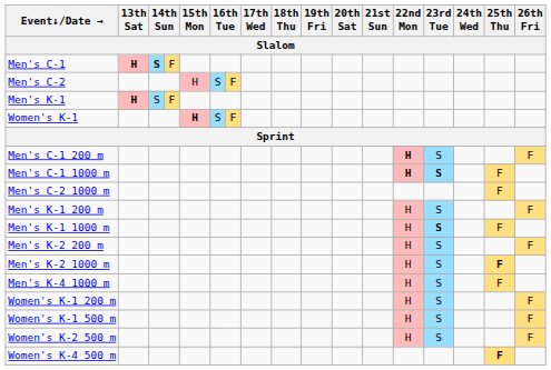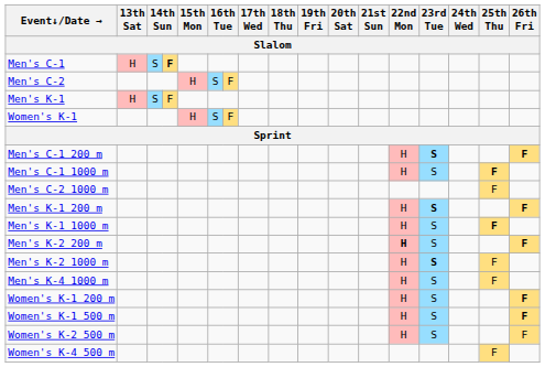 <table class="wikitable" style="margin:0.5em auto; font-size:90%; line-height:1.25em; text-align:center;">
 <tr>
 <th>Event↓/Date →</th>
 <th>13th<br>Sat</th>
 <th colspan=2>14th<br>Sun</th>
 <th>15th<br>Mon</th>
 <th colspan=2>16th<br>Tue</th>
 <th>17th<br>Wed</th>
 <th>18th<br>Thu</th>
 <th>19th<br>Fri</th>
 <th>20th<br>Sat</th>
 <th>21st<br>Sun</th>
 <th>22nd<br>Mon</th>
 <th>23rd<br>Tue</th>
 <th>24th<br>Wed</th>
 <th>25th<br>Thu</th>
 <th>26th<br>Fri</th>
 </tr>
 <tr>
 <th colspan=17>Slalom</th>
 </tr>
 <tr>
 <td align="left"><a href='#'>Men's C-1</a></td>
-<td bgcolor="#FFBBBB"><strong>H</strong></td>
-<td bgcolor="#97DEFF"><strong>S</strong></td>
-<td bgcolor="#FFDF80">F</td>
+<td bgcolor="#FFBBBB">H</td>
+<td bgcolor="#97DEFF">S</td>
+<td bgcolor="#FFDF80"><strong>F</strong></td>
 <td></td>
 <td colspan=2></td>
 <td></td>
 <td></td>
 <td></td>
 <td></td>
 <td></td>
 <td></td>
 <td></td>
 <td></td>
 <td></td>
 <td></td>
 </tr>
 <tr>
 <td align="left"><a href='#'>Men's C-2</a></td>
 <td></td>
 <td colspan=2></td>
 <td bgcolor="#FFBBBB">H</td>
 <td bgcolor="#97DEFF">S</td>
 <td bgcolor="#FFDF80">F</td>
 <td></td>
 <td></td>
 <td></td>
 <td></td>
 <td></td>
 <td></td>
 <td></td>
 <td></td>
 <td></td>
 <td></td>
 </tr>
 <tr>
 <td align="left"><a href='#'>Men's K-1</a></td>
-<td bgcolor="#FFBBBB"><strong>H</strong></td>
+<td bgcolor="#FFBBBB">H</td>
 <td bgcolor="#97DEFF">S</td>
 <td bgcolor="#FFDF80">F</td>
 <td></td>
 <td colspan=2></td>
 <td></td>
 <td></td>
 <td></td>
 <td></td>
 <td></td>
 <td></td>
 <td></td>
 <td></td>
 <td></td>
 <td></td>
 </tr>
 <tr>
 <td align="left"><a href='#'>Women's K-1</a></td>
 <td></td>
 <td colspan=2></td>
-<td bgcolor="#FFBBBB"><strong>H</strong></td>
+<td bgcolor="#FFBBBB">H</td>
 <td bgcolor="#97DEFF">S</td>
 <td bgcolor="#FFDF80">F</td>
 <td></td>
 <td></td>
 <td></td>
 <td></td>
 <td></td>
 <td></td>
 <td></td>
 <td></td>
 <td></td>
 <td></td>
 </tr>
 <tr>
 <th colspan=17>Sprint</th>
 </tr>
 <tr>
 <td align="left"><a href='#'>Men's C-1 200 m</a></td>
 <td></td>
 <td colspan=2></td>
 <td></td>
 <td colspan=2></td>
 <td></td>
 <td></td>
 <td></td>
 <td></td>
 <td></td>
-<td bgcolor="#FFBBBB"><strong>H</strong></td>
-<td bgcolor="#97DEFF">S</td>
+<td bgcolor="#FFBBBB">H</td>
+<td bgcolor="#97DEFF"><strong>S</strong></td>
 <td></td>
 <td></td>
-<td bgcolor="#FFDF80">F</td>
+<td bgcolor="#FFDF80"><strong>F</strong></td>
 </tr>
 <tr>
 <td align="left"><a href='#'>Men's C-1 1000 m</a></td>
 <td></td>
 <td colspan=2></td>
 <td></td>
 <td colspan=2></td>
 <td></td>
 <td></td>
 <td></td>
 <td></td>
 <td></td>
-<td bgcolor="#FFBBBB"><strong>H</strong></td>
-<td bgcolor="#97DEFF"><strong>S</strong></td>
+<td bgcolor="#FFBBBB">H</td>
+<td bgcolor="#97DEFF">S</td>
 <td></td>
-<td bgcolor="#FFDF80">F</td>
+<td bgcolor="#FFDF80"><strong>F</strong></td>
 <td></td>
 </tr>
 <tr>
 <td align="left"><a href='#'>Men's C-2 1000 m</a></td>
 <td></td>
 <td colspan=2></td>
 <td></td>
 <td colspan=2></td>
 <td></td>
 <td></td>
 <td></td>
 <td></td>
 <td></td>
 <td></td>
 <td></td>
 <td></td>
 <td bgcolor="#FFDF80">F</td>
 <td></td>
 </tr>
 <tr>
 <td align="left"><a href='#'>Men's K-1 200 m</a></td>
 <td></td>
 <td colspan=2></td>
 <td></td>
 <td colspan=2></td>
 <td></td>
 <td></td>
 <td></td>
 <td></td>
 <td></td>
 <td bgcolor="#FFBBBB">H</td>
-<td bgcolor="#97DEFF">S</td>
+<td bgcolor="#97DEFF"><strong>S</strong></td>
 <td></td>
 <td></td>
-<td bgcolor="#FFDF80">F</td>
+<td bgcolor="#FFDF80"><strong>F</strong></td>
 </tr>
 <tr>
 <td align="left"><a href='#'>Men's K-1 1000 m</a></td>
 <td></td>
 <td colspan=2></td>
 <td></td>
 <td colspan=2></td>
 <td></td>
 <td></td>
 <td></td>
 <td></td>
 <td></td>
 <td bgcolor="#FFBBBB">H</td>
-<td bgcolor="#97DEFF"><strong>S</strong></td>
+<td bgcolor="#97DEFF">S</td>
 <td></td>
-<td bgcolor="#FFDF80">F</td>
+<td bgcolor="#FFDF80"><strong>F</strong></td>
 <td></td>
 </tr>
 <tr>
 <td align="left"><a href='#'>Men's K-2 200 m</a></td>
 <td></td>
 <td colspan=2></td>
 <td></td>
 <td colspan=2></td>
 <td></td>
 <td></td>
 <td></td>
 <td></td>
 <td></td>
-<td bgcolor="#FFBBBB">H</td>
+<td bgcolor="#FFBBBB"><strong>H</strong></td>
 <td bgcolor="#97DEFF">S</td>
 <td></td>
 <td></td>
-<td bgcolor="#FFDF80">F</td>
+<td bgcolor="#FFDF80"><strong>F</strong></td>
 </tr>
 <tr>
 <td align="left"><a href='#'>Men's K-2 1000 m</a></td>
 <td></td>
 <td colspan=2></td>
 <td></td>
 <td colspan=2></td>
 <td></td>
 <td></td>
 <td></td>
 <td></td>
 <td></td>
 <td bgcolor="#FFBBBB">H</td>
-<td bgcolor="#97DEFF">S</td>
+<td bgcolor="#97DEFF"><strong>S</strong></td>
 <td></td>
-<td bgcolor="#FFDF80"><strong>F</strong></td>
+<td bgcolor="#FFDF80">F</td>
 <td></td>
 </tr>
 <tr>
 <td align="left"><a href='#'>Men's K-4 1000 m</a></td>
 <td></td>
 <td colspan=2></td>
 <td></td>
 <td colspan=2></td>
 <td></td>
 <td></td>
 <td></td>
 <td></td>
 <td></td>
 <td bgcolor="#FFBBBB">H</td>
 <td bgcolor="#97DEFF">S</td>
 <td></td>
 <td bgcolor="#FFDF80">F</td>
 <td></td>
 </tr>
 <tr>
 <td align="left"><a href='#'>Women's K-1 200 m</a></td>
 <td></td>
 <td colspan=2></td>
 <td></td>
 <td colspan=2></td>
 <td></td>
 <td></td>
 <td></td>
 <td></td>
 <td></td>
 <td bgcolor="#FFBBBB">H</td>
 <td bgcolor="#97DEFF">S</td>
 <td></td>
 <td></td>
-<td bgcolor="#FFDF80">F</td>
+<td bgcolor="#FFDF80"><strong>F</strong></td>
 </tr>
 <tr>
 <td align="left"><a href='#'>Women's K-1 500 m</a></td>
 <td></td>
 <td colspan=2></td>
 <td></td>
 <td colspan=2></td>
 <td></td>
 <td></td>
 <td></td>
 <td></td>
 <td></td>
 <td bgcolor="#FFBBBB">H</td>
 <td bgcolor="#97DEFF">S</td>
 <td></td>
 <td></td>
-<td bgcolor="#FFDF80">F</td>
+<td bgcolor="#FFDF80"><strong>F</strong></td>
 </tr>
 <tr>
 <td align="left"><a href='#'>Women's K-2 500 m</a></td>
 <td></td>
 <td colspan=2></td>
 <td></td>
 <td colspan=2></td>
 <td></td>
 <td></td>
 <td></td>
 <td></td>
 <td></td>
 <td bgcolor="#FFBBBB">H</td>
 <td bgcolor="#97DEFF">S</td>
 <td></td>
 <td></td>
 <td bgcolor="#FFDF80">F</td>
 </tr>
 <tr>
 <td align="left"><a href='#'>Women's K-4 500 m</a></td>
 <td></td>
 <td colspan=2></td>
 <td></td>
 <td colspan=2></td>
 <td></td>
 <td></td>
 <td></td>
 <td></td>
 <td></td>
 <td></td>
 <td></td>
 <td></td>
-<td bgcolor="#FFDF80"><strong>F</strong></td>
+<td bgcolor="#FFDF80">F</td>
 <td></td>
 </tr>
 </table>
